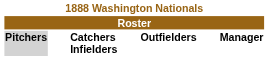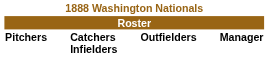 <table class="toccolours" style="font-size: 95%;">
 <tr>
 <th colspan="10" style="background-color: #white; color: #996515; text-align: center;">1888 Washington Nationals</th>
 </tr>
 <tr>
 <td colspan="10" style="background-color: #996515; color: white; text-align: center;"><strong>Roster</strong></td>
 </tr>
 <tr>
-<td valign="top" style="background: lightgrey;"><strong>Pitchers</strong><br>       </td>
+<td valign="top"><strong>Pitchers</strong><br>       </td>
 <td width="25px"></td>
 <td valign="top"><strong>Catchers</strong><br>     <strong>Infielders</strong>        </td>
 <td width="25px"></td>
 <td valign="top"><strong>Outfielders</strong><br>   </td>
 <td width="25px"></td>
 <td valign="top"><strong>Manager</strong><br> </td>
 </tr>
 </table>
